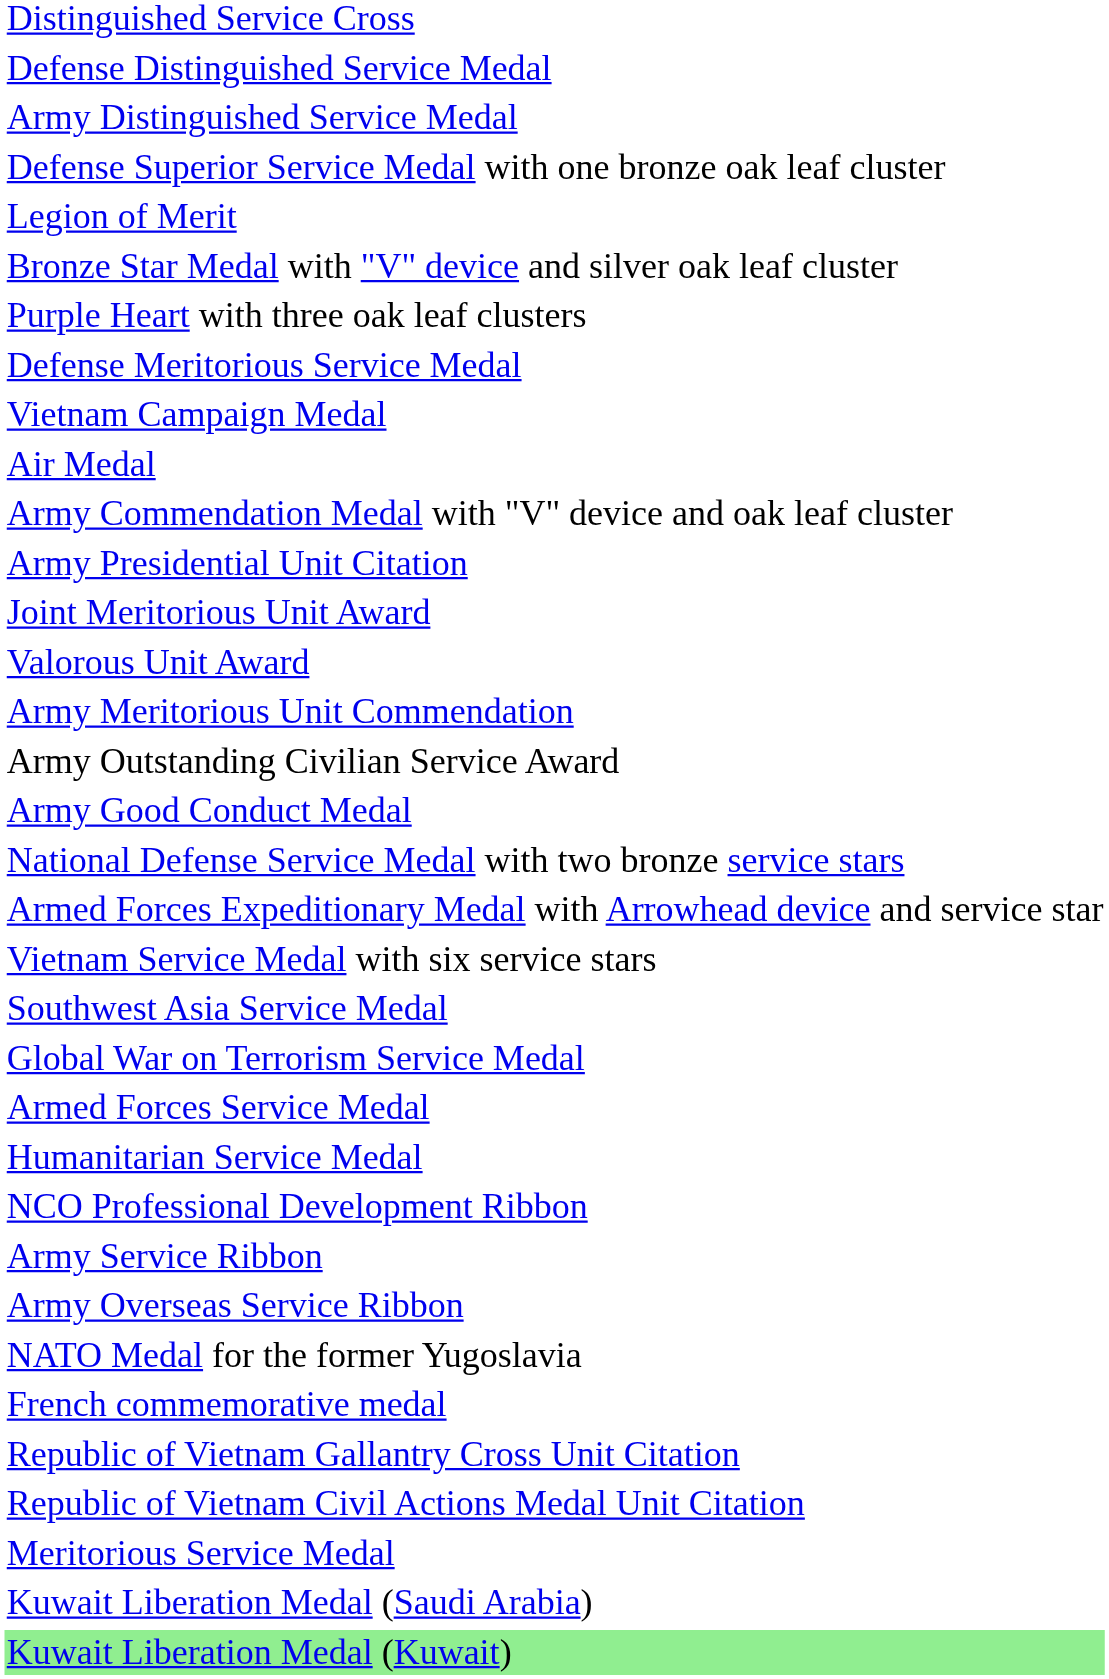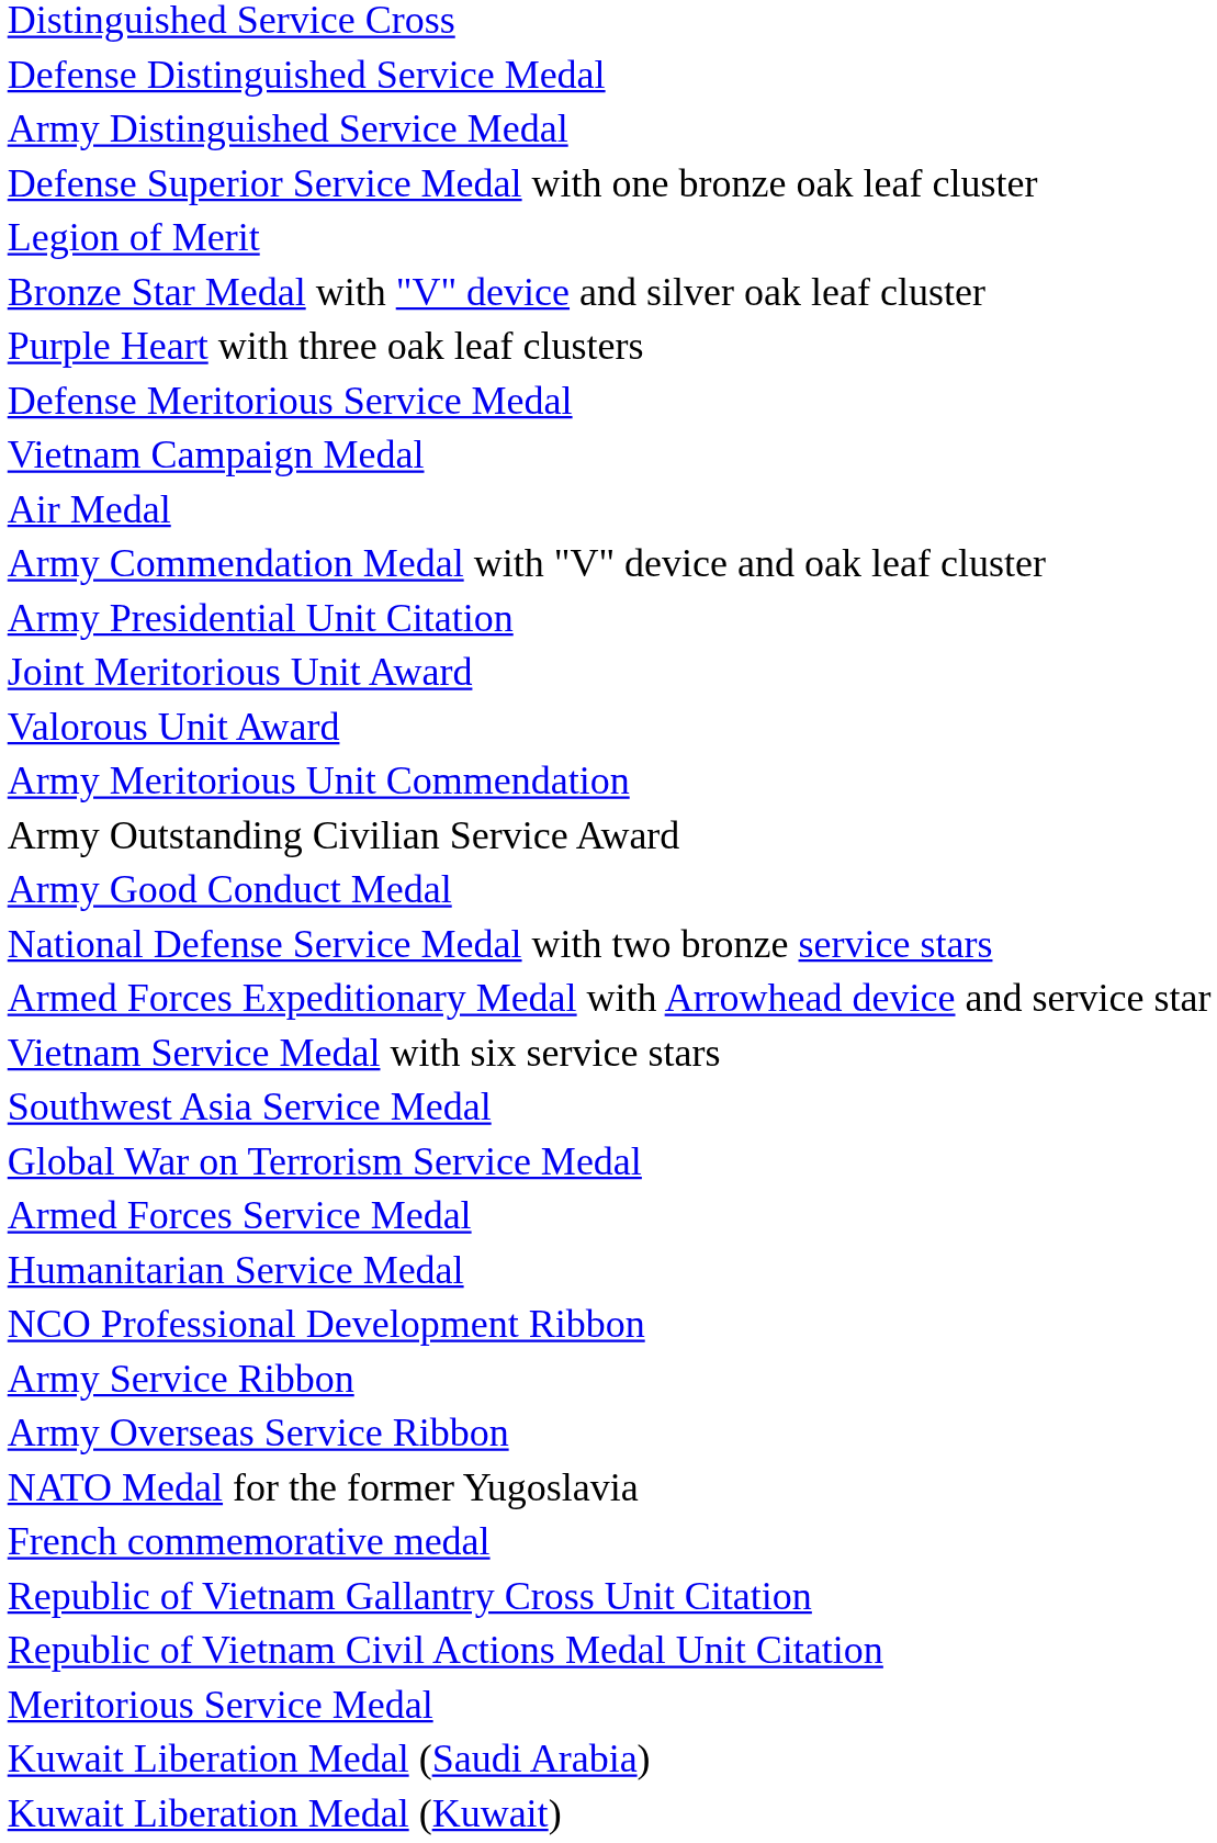 <table>
 <tr>
 <td> <a href='#'>Distinguished Service Cross</a></td>
 </tr>
 <tr>
 <td> <a href='#'>Defense Distinguished Service Medal</a></td>
 </tr>
 <tr>
 <td> <a href='#'>Army Distinguished Service Medal</a></td>
 </tr>
 <tr>
 <td> <a href='#'>Defense Superior Service Medal</a> with one bronze oak leaf cluster</td>
 </tr>
 <tr>
 <td> <a href='#'>Legion of Merit</a></td>
 </tr>
 <tr>
 <td> <a href='#'>Bronze Star Medal</a> with <a href='#'>"V" device</a> and silver oak leaf cluster</td>
 </tr>
 <tr>
 <td> <a href='#'>Purple Heart</a> with three oak leaf clusters</td>
 </tr>
 <tr>
 <td> <a href='#'>Defense Meritorious Service Medal</a></td>
 </tr>
 <tr>
 <td> <a href='#'>Vietnam Campaign Medal</a></td>
 </tr>
 <tr>
 <td> <a href='#'>Air Medal</a></td>
 </tr>
 <tr>
 <td> <a href='#'>Army Commendation Medal</a> with "V" device and oak leaf cluster</td>
 </tr>
 <tr>
 <td> <a href='#'>Army Presidential Unit Citation</a></td>
 </tr>
 <tr>
 <td> <a href='#'>Joint Meritorious Unit Award</a></td>
 </tr>
 <tr>
 <td> <a href='#'>Valorous Unit Award</a></td>
 </tr>
 <tr>
 <td> <a href='#'>Army Meritorious Unit Commendation</a></td>
 </tr>
 <tr>
 <td> Army Outstanding Civilian Service Award</td>
 </tr>
 <tr>
 <td> <a href='#'>Army Good Conduct Medal</a></td>
 </tr>
 <tr>
 <td> <a href='#'>National Defense Service Medal</a> with two bronze <a href='#'>service stars</a></td>
 </tr>
 <tr>
 <td> <a href='#'>Armed Forces Expeditionary Medal</a> with <a href='#'>Arrowhead device</a> and service star</td>
 </tr>
 <tr>
 <td> <a href='#'>Vietnam Service Medal</a> with six service stars</td>
 </tr>
 <tr>
 <td> <a href='#'>Southwest Asia Service Medal</a></td>
 </tr>
 <tr>
 <td> <a href='#'>Global War on Terrorism Service Medal</a></td>
 </tr>
 <tr>
 <td> <a href='#'>Armed Forces Service Medal</a></td>
 </tr>
 <tr>
 <td> <a href='#'>Humanitarian Service Medal</a></td>
 </tr>
 <tr>
 <td> <a href='#'>NCO Professional Development Ribbon</a></td>
 </tr>
 <tr>
 <td> <a href='#'>Army Service Ribbon</a></td>
 </tr>
 <tr>
 <td> <a href='#'>Army Overseas Service Ribbon</a></td>
 </tr>
 <tr>
 <td> <a href='#'>NATO Medal</a> for the former Yugoslavia</td>
 </tr>
 <tr>
 <td> <a href='#'>French commemorative medal</a></td>
 </tr>
 <tr>
 <td> <a href='#'>Republic of Vietnam Gallantry Cross Unit Citation</a></td>
 </tr>
 <tr>
 <td> <a href='#'>Republic of Vietnam Civil Actions Medal Unit Citation</a></td>
 </tr>
 <tr>
 <td> <a href='#'>Meritorious Service Medal</a></td>
 </tr>
 <tr>
 <td> <a href='#'>Kuwait Liberation Medal</a> (<a href='#'>Saudi Arabia</a>)</td>
 </tr>
 <tr>
-<td style="background: lightgreen;"> <a href='#'>Kuwait Liberation Medal</a> (<a href='#'>Kuwait</a>)</td>
+<td> <a href='#'>Kuwait Liberation Medal</a> (<a href='#'>Kuwait</a>)</td>
 </tr>
 </table>
